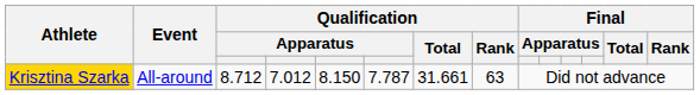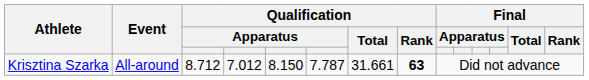 <table class="wikitable" style="font-size:90%">
 <tr>
 <th rowspan=3>Athlete</th>
 <th rowspan=3>Event</th>
 <th colspan=6>Qualification</th>
 <th colspan=6>Final</th>
 </tr>
 <tr style="font-size:95%">
 <th colspan=4>Apparatus</th>
 <th rowspan=2>Total</th>
 <th rowspan=2>Rank</th>
 <th colspan=4>Apparatus</th>
 <th rowspan=2>Total</th>
 <th rowspan=2>Rank</th>
 </tr>
 <tr style="font-size:95%">
 <th></th>
 <th></th>
 <th></th>
 <th></th>
 <th></th>
 <th></th>
 <th></th>
 <th></th>
 </tr>
 <tr align=center>
-<td align=left style="background: gold;"><a href='#'>Krisztina Szarka</a></td>
+<td align=left><a href='#'>Krisztina Szarka</a></td>
 <td align=left><a href='#'>All-around</a></td>
 <td>8.712</td>
 <td>7.012</td>
 <td>8.150</td>
 <td>7.787</td>
 <td>31.661</td>
-<td>63</td>
+<td><strong>63</strong></td>
 <td colspan=6>Did not advance</td>
 </tr>
 </table>
